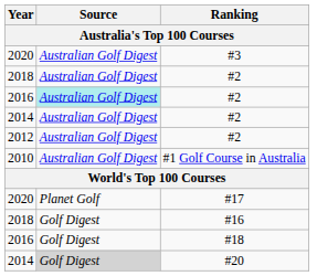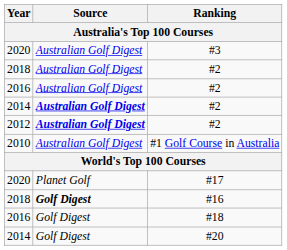 <table class="wikitable">
 <tr>
 <th>Year</th>
 <th>Source</th>
 <th>Ranking</th>
 </tr>
 <tr>
 <th colspan=7>Australia's Top 100 Courses</th>
 </tr>
 <tr>
 <td>2020</td>
 <td><em><a href='#'>Australian Golf Digest</a></em></td>
 <td align=center>#3</td>
 </tr>
 <tr>
 <td>2018</td>
 <td><em><a href='#'>Australian Golf Digest</a></em></td>
 <td align=center>#2</td>
 </tr>
 <tr>
 <td>2016</td>
-<td style="background: paleturquoise;"><em><a href='#'>Australian Golf Digest</a></em></td>
+<td><em><a href='#'>Australian Golf Digest</a></em></td>
 <td align=center>#2</td>
 </tr>
 <tr>
 <td>2014</td>
-<td><em><a href='#'>Australian Golf Digest</a></em></td>
+<td><strong><em><a href='#'>Australian Golf Digest</a></em></strong></td>
 <td align=center>#2</td>
 </tr>
 <tr>
 <td>2012</td>
-<td><em><a href='#'>Australian Golf Digest</a></em></td>
+<td><strong><em><a href='#'>Australian Golf Digest</a></em></strong></td>
 <td align=center>#2</td>
 </tr>
 <tr>
 <td>2010</td>
 <td><em><a href='#'>Australian Golf Digest</a></em></td>
 <td align=center>#1 <a href='#'>Golf Course</a> in <a href='#'>Australia</a></td>
 </tr>
 <tr>
 <th colspan=7>World's Top 100 Courses</th>
 </tr>
 <tr>
 <td>2020</td>
 <td><em>Planet Golf</em></td>
 <td align=center>#17</td>
 </tr>
 <tr>
 <td>2018</td>
-<td><em>Golf Digest</em></td>
+<td><strong><em>Golf Digest</em></strong></td>
 <td align=center>#16</td>
 </tr>
 <tr>
 <td>2016</td>
 <td><em>Golf Digest</em></td>
 <td align=center>#18</td>
 </tr>
 <tr>
 <td>2014</td>
-<td style="background: lightgrey;"><em>Golf Digest</em></td>
+<td><em>Golf Digest</em></td>
 <td align=center>#20</td>
 </tr>
 </table>
